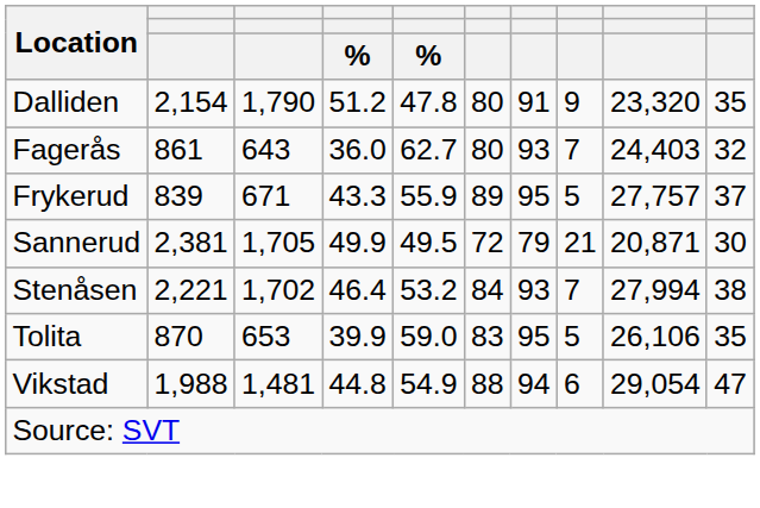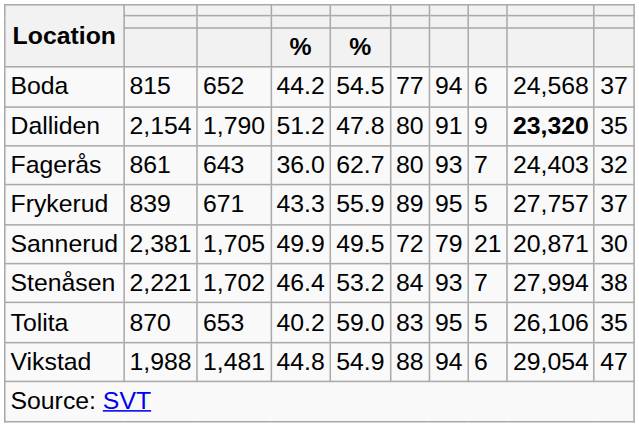 <table role="presentation" class="wikitable sortable mw-collapsible">
 <tr>
 <th rowspan="3">Location</th>
 <th></th>
 <th></th>
 <th></th>
 <th></th>
 <th></th>
 <th></th>
 <th></th>
 <th></th>
 <th></th>
 </tr>
 <tr>
 <th></th>
 <th></th>
 <th style="background:"></th>
 <th style="background:"></th>
 <th></th>
 <th></th>
 <th></th>
 <th></th>
 <th></th>
 </tr>
 <tr>
 <th data-sort-type="number"></th>
 <th data-sort-type="number"></th>
 <th data-sort-type="number">%</th>
 <th data-sort-type="number">%</th>
 <th data-sort-type="number"></th>
 <th data-sort-type="number"></th>
 <th data-sort-type="number"></th>
 <th data-sort-type="number"></th>
 <th data-sort-type="number"></th>
 </tr>
 <tr>
+<td align="left">Boda</td>
+<td>815</td>
+<td>652</td>
+<td>44.2</td>
+<td>54.5</td>
+<td>77</td>
+<td>94</td>
+<td>6</td>
+<td>24,568</td>
+<td>37</td>
+</tr>
+<tr>
 <td align="left">Dalliden</td>
 <td>2,154</td>
 <td>1,790</td>
 <td>51.2</td>
 <td>47.8</td>
 <td>80</td>
 <td>91</td>
 <td>9</td>
-<td>23,320</td>
+<td><strong>23,320</strong></td>
 <td>35</td>
 </tr>
 <tr>
 <td align="left">Fagerås</td>
 <td>861</td>
 <td>643</td>
 <td>36.0</td>
 <td>62.7</td>
 <td>80</td>
 <td>93</td>
 <td>7</td>
 <td>24,403</td>
 <td>32</td>
 </tr>
 <tr>
 <td align="left">Frykerud</td>
 <td>839</td>
 <td>671</td>
 <td>43.3</td>
 <td>55.9</td>
 <td>89</td>
 <td>95</td>
 <td>5</td>
 <td>27,757</td>
 <td>37</td>
 </tr>
 <tr>
 <td align="left">Sannerud</td>
 <td>2,381</td>
 <td>1,705</td>
 <td>49.9</td>
 <td>49.5</td>
 <td>72</td>
 <td>79</td>
 <td>21</td>
 <td>20,871</td>
 <td>30</td>
 </tr>
 <tr>
 <td align="left">Stenåsen</td>
 <td>2,221</td>
 <td>1,702</td>
 <td>46.4</td>
 <td>53.2</td>
 <td>84</td>
 <td>93</td>
 <td>7</td>
 <td>27,994</td>
 <td>38</td>
 </tr>
 <tr>
 <td align="left">Tolita</td>
 <td>870</td>
 <td>653</td>
-<td>39.9</td>
+<td>40.2</td>
 <td>59.0</td>
 <td>83</td>
 <td>95</td>
 <td>5</td>
 <td>26,106</td>
 <td>35</td>
 </tr>
 <tr>
 <td align="left">Vikstad</td>
 <td>1,988</td>
 <td>1,481</td>
 <td>44.8</td>
 <td>54.9</td>
 <td>88</td>
 <td>94</td>
 <td>6</td>
 <td>29,054</td>
 <td>47</td>
 </tr>
 <tr>
 <td colspan="10" align="left">Source: <a href='#'>SVT</a></td>
 </tr>
 </table>
